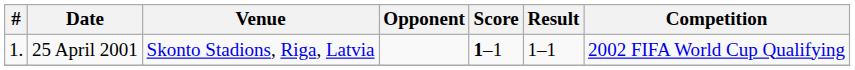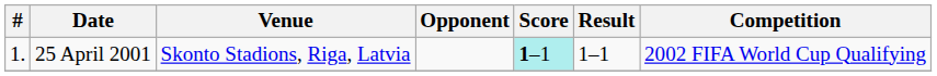 <table class="wikitable">
 <tr>
 <th>#</th>
 <th>Date</th>
 <th>Venue</th>
 <th>Opponent</th>
 <th>Score</th>
 <th>Result</th>
 <th>Competition</th>
 </tr>
 <tr>
 <td>1.</td>
 <td>25 April 2001</td>
 <td><a href='#'>Skonto Stadions</a>, <a href='#'>Riga</a>, <a href='#'>Latvia</a></td>
 <td></td>
-<td><strong>1</strong>–1</td>
+<td style="background: paleturquoise;"><strong>1</strong>–1</td>
 <td>1–1</td>
 <td><a href='#'>2002 FIFA World Cup Qualifying</a></td>
 </tr>
 <tr>
 </tr>
 </table>
